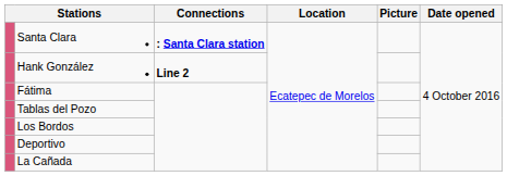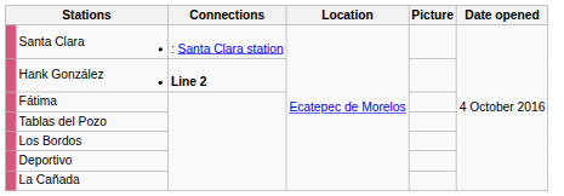 <table class="wikitable">
 <tr>
 <th colspan="2" align="center" width="30%">Stations</th>
 <th>Connections</th>
 <th>Location</th>
 <th>Picture</th>
 <th>Date opened</th>
 </tr>
 <tr>
 <td width="2%" bgcolor="da557b"></td>
 <td> Santa Clara</td>
-<td><strong><br><li> : <a href='#'>Santa Clara station</a></strong></td>
+<td><br><li> : <a href='#'>Santa Clara station</a></td>
 <td rowspan=7><a href='#'>Ecatepec de Morelos</a></td>
 <td></td>
 <td rowspan=7>4 October 2016</td>
 </tr>
 <tr>
 <td width="2%" bgcolor="da557b"></td>
 <td> Hank González</td>
 <td><strong><br><li>  Line 2</strong></td>
 <td></td>
 </tr>
 <tr>
 <td width="2%" bgcolor="da557b"></td>
 <td> Fátima</td>
 <td rowspan=5></td>
 <td></td>
 </tr>
 <tr>
 <td width="2%" bgcolor="da557b"></td>
 <td> Tablas del Pozo</td>
 <td></td>
 </tr>
 <tr>
 <td width="2%" bgcolor="da557b"></td>
 <td> Los Bordos</td>
 <td></td>
 </tr>
 <tr>
 <td width="2%" bgcolor="da557b"></td>
 <td> Deportivo</td>
 <td></td>
 </tr>
 <tr>
 <td width="2%" bgcolor="da557b"></td>
 <td> La Cañada</td>
 <td></td>
 </tr>
 </table>
